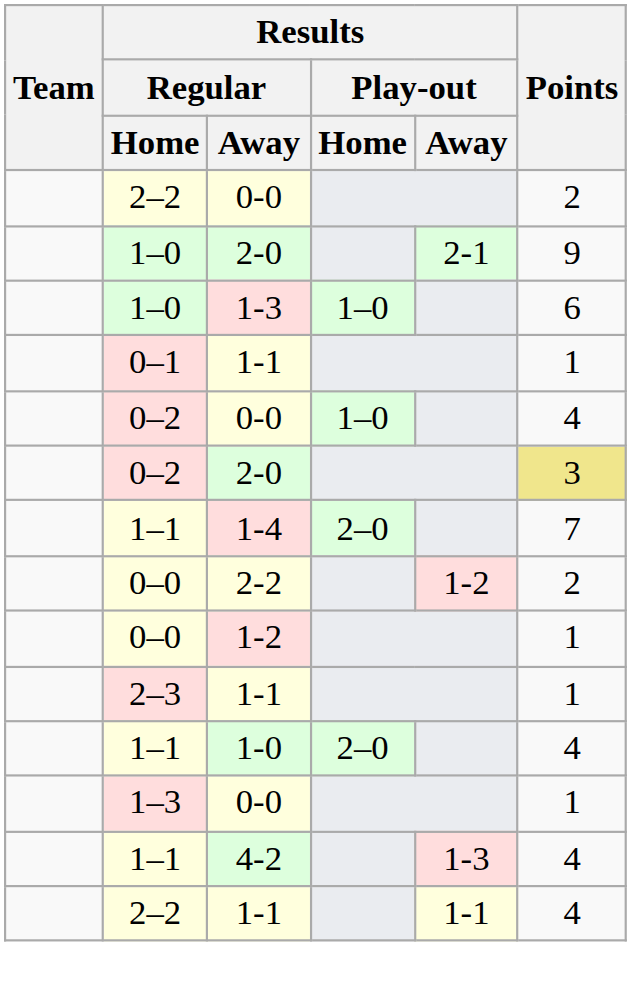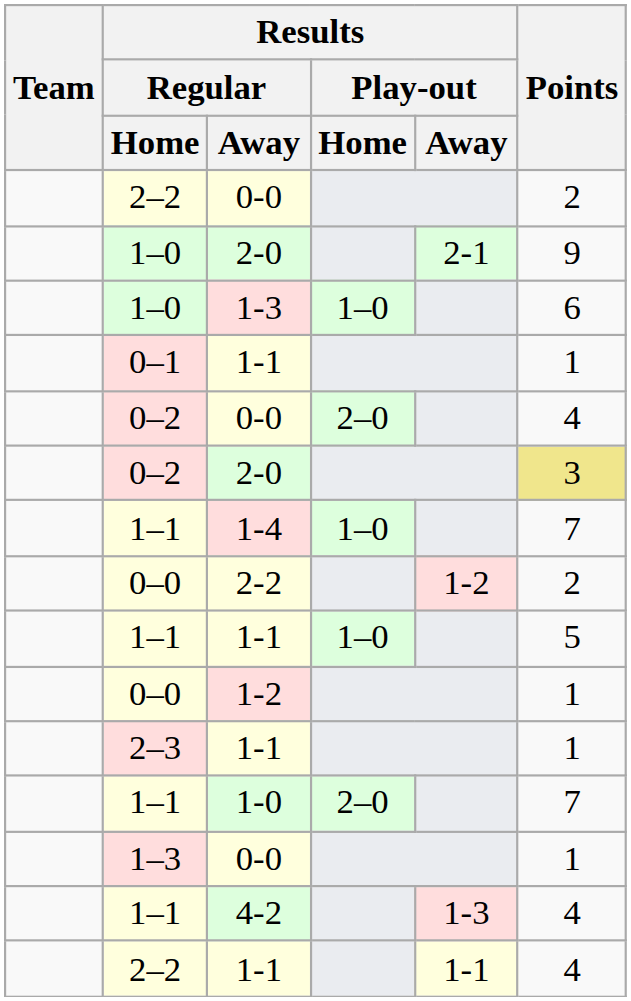 <table class="wikitable sortable" style="text-align:center">
 <tr>
 <th rowspan=3>Team</th>
 <th colspan=4>Results</th>
 <th rowspan=3>Points</th>
 </tr>
 <tr>
 <th colspan=2>Regular</th>
 <th colspan=2>Play-out</th>
 </tr>
 <tr>
 <th width=40 class="unsortable">Home</th>
 <th width=40 class="unsortable">Away</th>
 <th width=40 class="unsortable">Home</th>
 <th width=40 class="unsortable">Away</th>
 </tr>
 <tr>
 <td align=left></td>
 <td style="background:#ffd;">2–2</td>
 <td style="background:#ffd;">0-0</td>
 <td colspan=2 style="background:#eaecf0;"></td>
 <td>2</td>
 </tr>
 <tr>
 <td align=left></td>
 <td style="background:#dfd;">1–0</td>
 <td style="background:#dfd;">2-0</td>
 <td style="background:#eaecf0;"></td>
 <td style="background:#dfd;">2-1</td>
 <td>9</td>
 </tr>
 <tr>
 <td align=left></td>
 <td style="background:#dfd;">1–0</td>
 <td style="background:#fdd;">1-3</td>
 <td style="background:#dfd;">1–0</td>
 <td style="background:#eaecf0;"></td>
 <td>6</td>
 </tr>
 <tr>
 <td align=left></td>
 <td style="background:#fdd;">0–1</td>
 <td style="background:#ffd;">1-1</td>
 <td colspan=2 style="background:#eaecf0;"></td>
 <td>1</td>
 </tr>
 <tr>
 <td align=left></td>
 <td style="background:#fdd;">0–2</td>
 <td style="background:#ffd;">0-0</td>
-<td style="background:#dfd;">1–0</td>
+<td style="background:#dfd;">2–0</td>
 <td style="background:#eaecf0;"></td>
 <td>4</td>
 </tr>
 <tr>
 <td align=left></td>
 <td style="background:#fdd;">0–2</td>
 <td style="background:#dfd;">2-0</td>
 <td colspan=2 style="background:#eaecf0;"></td>
 <td style="background: khaki;">3</td>
 </tr>
 <tr>
 <td align=left></td>
 <td style="background:#ffd;">1–1</td>
 <td style="background:#fdd;">1-4</td>
-<td style="background:#dfd;">2–0</td>
+<td style="background:#dfd;">1–0</td>
 <td style="background:#eaecf0;"></td>
 <td>7</td>
 </tr>
 <tr>
 <td align=left></td>
 <td style="background:#ffd;">0–0</td>
 <td style="background:#ffd;">2-2</td>
 <td style="background:#eaecf0;"></td>
 <td style="background:#fdd;">1-2</td>
 <td>2</td>
+</tr>
+<tr>
+<td align=left></td>
+<td style="background:#ffd;">1–1</td>
+<td style="background:#ffd;">1-1</td>
+<td style="background:#dfd;">1–0</td>
+<td style="background:#eaecf0;"></td>
+<td>5</td>
 </tr>
 <tr>
 <td align=left></td>
 <td style="background:#ffd;">0–0</td>
 <td style="background:#fdd;">1-2</td>
 <td colspan=2 style="background:#eaecf0;"></td>
 <td>1</td>
 </tr>
 <tr>
 <td align=left></td>
 <td style="background:#fdd;">2–3</td>
 <td style="background:#ffd;">1-1</td>
 <td colspan=2 style="background:#eaecf0;"></td>
 <td>1</td>
 </tr>
 <tr>
 <td align=left></td>
 <td style="background:#ffd;">1–1</td>
 <td style="background:#dfd;">1-0</td>
 <td style="background:#dfd;">2–0</td>
 <td style="background:#eaecf0;"></td>
-<td>4</td>
+<td>7</td>
 </tr>
 <tr>
 <td align=left></td>
 <td style="background:#fdd;">1–3</td>
 <td style="background:#ffd;">0-0</td>
 <td colspan=2 style="background:#eaecf0;"></td>
 <td>1</td>
 </tr>
 <tr>
 <td align=left></td>
 <td style="background:#ffd;">1–1</td>
 <td style="background:#dfd;">4-2</td>
 <td style="background:#eaecf0;"></td>
 <td style="background:#fdd;">1-3</td>
 <td>4</td>
 </tr>
 <tr>
 <td align=left></td>
 <td style="background:#ffd;">2–2</td>
 <td style="background:#ffd;">1-1</td>
 <td style="background:#eaecf0;"></td>
 <td style="background:#ffd;">1-1</td>
 <td>4</td>
 </tr>
 </table>
